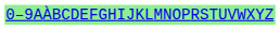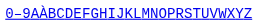 <table id="toc" class="toc" summary="Class">
 <tr>
 <th></th>
 </tr>
 <tr>
-<td style="background: lightgreen; text-align:center;"><a href='#'>0–9</a><a href='#'>A</a><a href='#'>À</a><a href='#'>B</a><a href='#'>C</a><a href='#'>D</a><a href='#'>E</a><a href='#'>F</a><a href='#'>G</a><a href='#'>H</a><a href='#'>I</a><a href='#'>J</a><a href='#'>K</a><a href='#'>L</a><a href='#'>M</a><a href='#'>N</a><a href='#'>O</a><a href='#'>P</a><a href='#'>R</a><a href='#'>S</a><a href='#'>T</a><a href='#'>U</a><a href='#'>V</a><a href='#'>W</a><a href='#'>X</a><a href='#'>Y</a><a href='#'>Z</a></td>
+<td style="text-align:center;"><a href='#'>0–9</a><a href='#'>A</a><a href='#'>À</a><a href='#'>B</a><a href='#'>C</a><a href='#'>D</a><a href='#'>E</a><a href='#'>F</a><a href='#'>G</a><a href='#'>H</a><a href='#'>I</a><a href='#'>J</a><a href='#'>K</a><a href='#'>L</a><a href='#'>M</a><a href='#'>N</a><a href='#'>O</a><a href='#'>P</a><a href='#'>R</a><a href='#'>S</a><a href='#'>T</a><a href='#'>U</a><a href='#'>V</a><a href='#'>W</a><a href='#'>X</a><a href='#'>Y</a><a href='#'>Z</a></td>
 </tr>
 </table>
